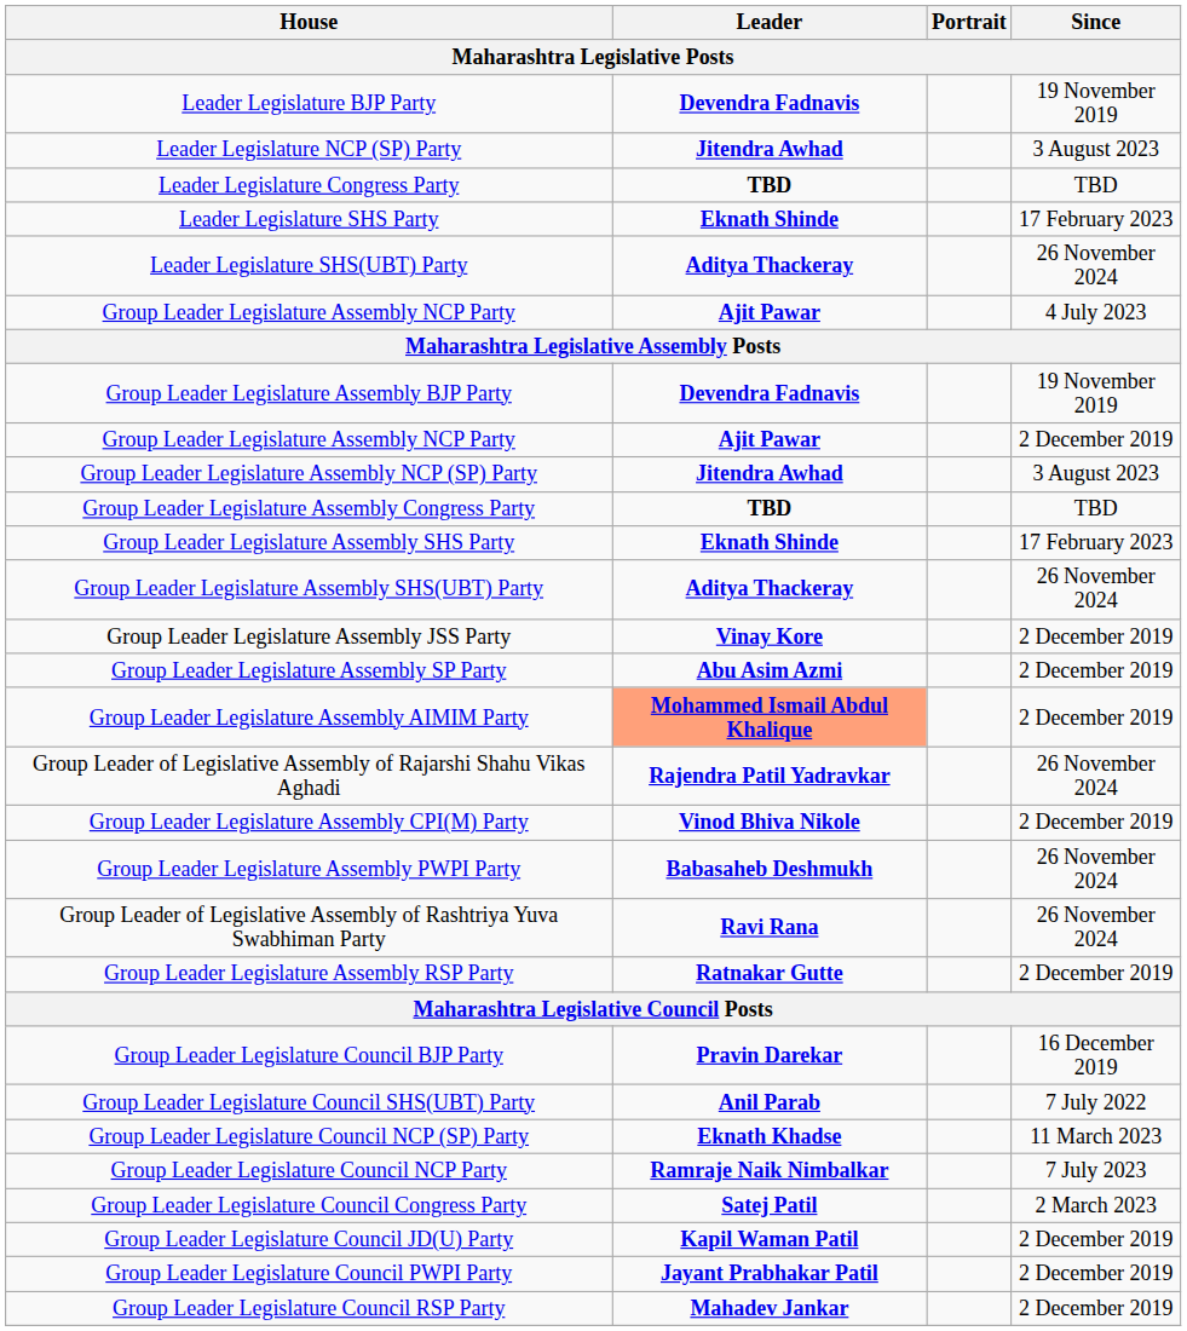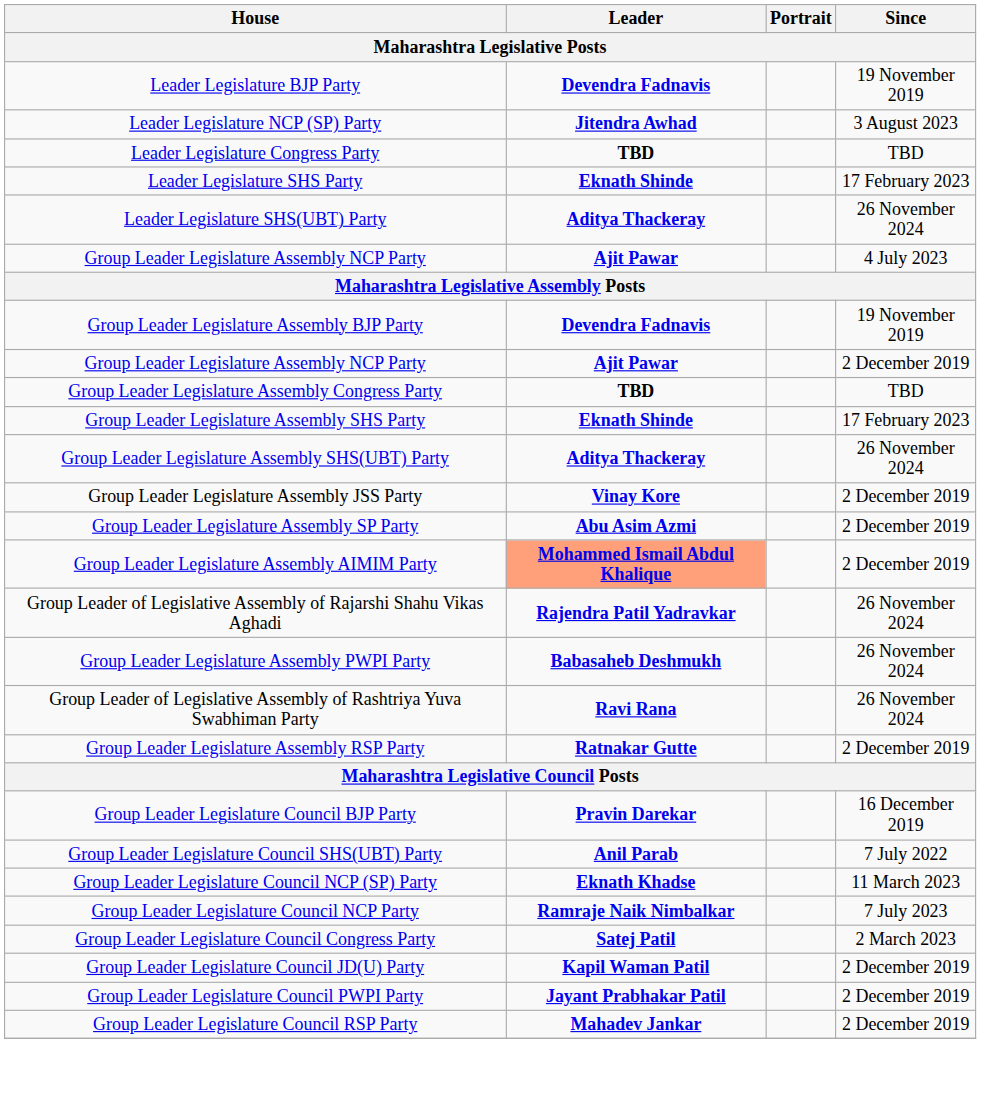 <table class="wikitable" style="text-align:center">
 <tr>
 <th Style="background-color:">House</th>
 <th Style="background-color:">Leader</th>
 <th Style="background-color:">Portrait</th>
 <th Style="background-color:">Since</th>
 </tr>
 <tr>
 <th colspan=4>Maharashtra Legislative Posts</th>
 </tr>
 <tr>
 <td><a href='#'>Leader Legislature BJP Party</a></td>
 <td><strong><a href='#'>Devendra Fadnavis</a></strong></td>
 <td></td>
 <td>19 November 2019</td>
 </tr>
 <tr>
 <td><a href='#'>Leader Legislature NCP (SP) Party</a></td>
 <td><strong><a href='#'>Jitendra Awhad</a></strong></td>
 <td></td>
 <td>3 August 2023</td>
 </tr>
 <tr>
 <td><a href='#'>Leader Legislature Congress Party</a></td>
 <td><strong>TBD</strong></td>
 <td></td>
 <td>TBD</td>
 </tr>
 <tr>
 <td><a href='#'>Leader Legislature SHS Party</a></td>
 <td><strong><a href='#'>Eknath Shinde</a></strong></td>
 <td></td>
 <td>17 February 2023</td>
 </tr>
 <tr>
 <td><a href='#'>Leader Legislature SHS(UBT) Party</a></td>
 <td><strong><a href='#'>Aditya Thackeray</a></strong></td>
 <td></td>
 <td>26 November 2024</td>
 </tr>
 <tr>
 <td><a href='#'>Group Leader Legislature Assembly NCP Party</a></td>
 <td><strong><a href='#'>Ajit Pawar</a></strong></td>
 <td></td>
 <td>4 July 2023</td>
 </tr>
 <tr>
 <th colspan=4><a href='#'>Maharashtra Legislative Assembly</a> Posts</th>
 </tr>
 <tr>
 <td><a href='#'>Group Leader Legislature Assembly BJP Party</a></td>
 <td><strong><a href='#'>Devendra Fadnavis</a></strong></td>
 <td></td>
 <td>19 November 2019</td>
 </tr>
 <tr>
 <td><a href='#'>Group Leader Legislature Assembly NCP Party</a></td>
 <td><strong><a href='#'>Ajit Pawar</a></strong></td>
 <td></td>
 <td>2 December 2019</td>
 </tr>
 <tr>
-<td><a href='#'>Group Leader Legislature Assembly NCP (SP) Party</a></td>
-<td><strong><a href='#'>Jitendra Awhad</a></strong></td>
-<td></td>
-<td>3 August 2023</td>
-</tr>
-<tr>
 <td><a href='#'>Group Leader Legislature Assembly Congress Party</a></td>
 <td><strong>TBD</strong></td>
 <td></td>
 <td>TBD</td>
 </tr>
 <tr>
 <td><a href='#'>Group Leader Legislature Assembly SHS Party</a></td>
 <td><strong><a href='#'>Eknath Shinde</a></strong></td>
 <td></td>
 <td>17 February 2023</td>
 </tr>
 <tr>
 <td><a href='#'>Group Leader Legislature Assembly SHS(UBT) Party</a></td>
 <td><strong><a href='#'>Aditya Thackeray</a></strong></td>
 <td></td>
 <td>26 November 2024</td>
 </tr>
 <tr>
 <td>Group Leader Legislature Assembly JSS Party</td>
 <td><strong><a href='#'>Vinay Kore</a></strong></td>
 <td></td>
 <td>2 December 2019</td>
 </tr>
 <tr>
 <td><a href='#'>Group Leader Legislature Assembly SP Party</a></td>
 <td><strong><a href='#'>Abu Asim Azmi</a></strong></td>
 <td></td>
 <td>2 December 2019</td>
 </tr>
 <tr>
 <td><a href='#'>Group Leader Legislature Assembly AIMIM Party</a></td>
 <td style="background: lightsalmon;"><strong><a href='#'>Mohammed Ismail Abdul Khalique</a></strong></td>
 <td></td>
 <td>2 December 2019</td>
 </tr>
 <tr>
 <td>Group Leader of Legislative Assembly of Rajarshi Shahu Vikas Aghadi</td>
 <td><strong><a href='#'>Rajendra Patil Yadravkar</a></strong></td>
 <td></td>
 <td>26 November 2024</td>
-</tr>
-<tr>
-<td><a href='#'>Group Leader Legislature Assembly CPI(M) Party</a></td>
-<td><strong><a href='#'>Vinod Bhiva Nikole</a></strong></td>
-<td></td>
-<td>2 December 2019</td>
 </tr>
 <tr>
 <td><a href='#'>Group Leader Legislature Assembly PWPI Party</a></td>
 <td><strong><a href='#'>Babasaheb Deshmukh</a></strong></td>
 <td></td>
 <td>26 November 2024</td>
 </tr>
 <tr>
 <td>Group Leader of Legislative Assembly of Rashtriya Yuva Swabhiman Party</td>
 <td><strong><a href='#'>Ravi Rana</a></strong></td>
 <td></td>
 <td>26 November 2024</td>
 </tr>
 <tr>
 <td><a href='#'>Group Leader Legislature Assembly RSP Party</a></td>
 <td><strong><a href='#'>Ratnakar Gutte</a></strong></td>
 <td></td>
 <td>2 December 2019</td>
 </tr>
 <tr>
 <th colspan=4><a href='#'>Maharashtra Legislative Council</a> Posts</th>
 </tr>
 <tr>
 <td><a href='#'>Group Leader Legislature Council BJP Party</a></td>
 <td><strong><a href='#'>Pravin Darekar</a></strong></td>
 <td></td>
 <td>16 December 2019</td>
 </tr>
 <tr>
 <td><a href='#'>Group Leader Legislature Council SHS(UBT) Party</a></td>
 <td><strong><a href='#'>Anil Parab</a></strong></td>
 <td></td>
 <td>7 July 2022</td>
 </tr>
 <tr>
 <td><a href='#'>Group Leader Legislature Council NCP (SP) Party</a></td>
 <td><strong><a href='#'>Eknath Khadse</a></strong></td>
 <td></td>
 <td>11 March 2023</td>
 </tr>
 <tr>
 <td><a href='#'>Group Leader Legislature Council NCP Party</a></td>
 <td><strong><a href='#'>Ramraje Naik Nimbalkar</a></strong></td>
 <td></td>
 <td>7 July 2023</td>
 </tr>
 <tr>
 <td><a href='#'>Group Leader Legislature Council Congress Party</a></td>
 <td><strong><a href='#'>Satej Patil</a></strong></td>
 <td></td>
 <td>2 March 2023</td>
 </tr>
 <tr>
 <td><a href='#'>Group Leader Legislature Council JD(U) Party</a></td>
 <td><strong><a href='#'>Kapil Waman Patil</a></strong></td>
 <td></td>
 <td>2 December 2019</td>
 </tr>
 <tr>
 <td><a href='#'>Group Leader Legislature Council PWPI Party</a></td>
 <td><strong><a href='#'>Jayant Prabhakar Patil</a></strong></td>
 <td></td>
 <td>2 December 2019</td>
 </tr>
 <tr>
 <td><a href='#'>Group Leader Legislature Council RSP Party</a></td>
 <td><strong><a href='#'>Mahadev Jankar</a></strong></td>
 <td></td>
 <td>2 December 2019</td>
 </tr>
 <tr>
 </tr>
 </table>
